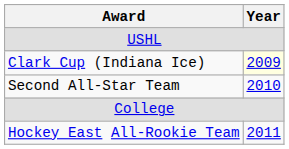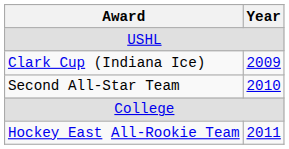 <table class="wikitable">
 <tr>
 <th>Award</th>
 <th>Year</th>
 </tr>
 <tr ALIGN="center" bgcolor="#e0e0e0">
 <td colspan="3"><a href='#'>USHL</a></td>
 </tr>
 <tr>
 <td><a href='#'>Clark Cup</a> (Indiana Ice)</td>
-<td style="background: lightyellow;"><a href='#'>2009</a></td>
+<td><a href='#'>2009</a></td>
 </tr>
 <tr>
 <td>Second All-Star Team</td>
 <td><a href='#'>2010</a></td>
 </tr>
 <tr ALIGN="center" bgcolor="#e0e0e0">
 <td colspan="3"><a href='#'>College</a></td>
 </tr>
 <tr>
 <td><a href='#'>Hockey East</a> <a href='#'>All-Rookie Team</a></td>
 <td><a href='#'>2011</a></td>
 </tr>
 </table>
